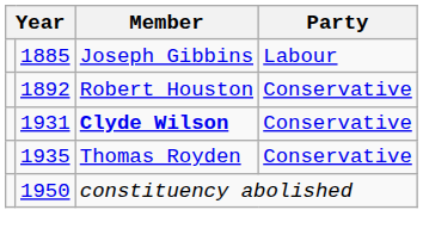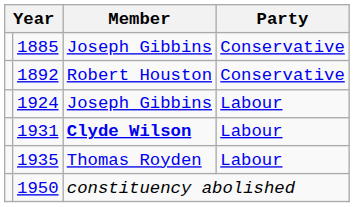 <table class="wikitable">
 <tr>
 <th colspan="2">Year</th>
 <th>Member</th>
 <th>Party</th>
 </tr>
 <tr>
 <td style="color:inherit;background-color: "></td>
 <td><a href='#'>1885</a></td>
 <td><a href='#'>Joseph Gibbins</a></td>
-<td><a href='#'>Labour</a></td>
+<td><a href='#'>Conservative</a></td>
 </tr>
 <tr>
 <td style="color:inherit;background-color: "></td>
 <td><a href='#'>1892</a></td>
 <td><a href='#'>Robert Houston</a></td>
 <td><a href='#'>Conservative</a></td>
 </tr>
 <tr>
 <td style="color:inherit;background-color: "></td>
+<td><a href='#'>1924</a></td>
+<td><a href='#'>Joseph Gibbins</a></td>
+<td><a href='#'>Labour</a></td>
+</tr>
+<tr>
+<td style="color:inherit;background-color: "></td>
 <td><a href='#'>1931</a></td>
 <td><strong><a href='#'>Clyde Wilson</a></strong></td>
-<td><a href='#'>Conservative</a></td>
+<td><a href='#'>Labour</a></td>
 </tr>
 <tr>
 <td style="color:inherit;background-color: "></td>
 <td><a href='#'>1935</a></td>
 <td><a href='#'>Thomas Royden</a></td>
-<td><a href='#'>Conservative</a></td>
+<td><a href='#'>Labour</a></td>
 </tr>
 <tr>
 <td></td>
 <td><a href='#'>1950</a></td>
 <td colspan="2"><em>constituency abolished</em></td>
 </tr>
 </table>
